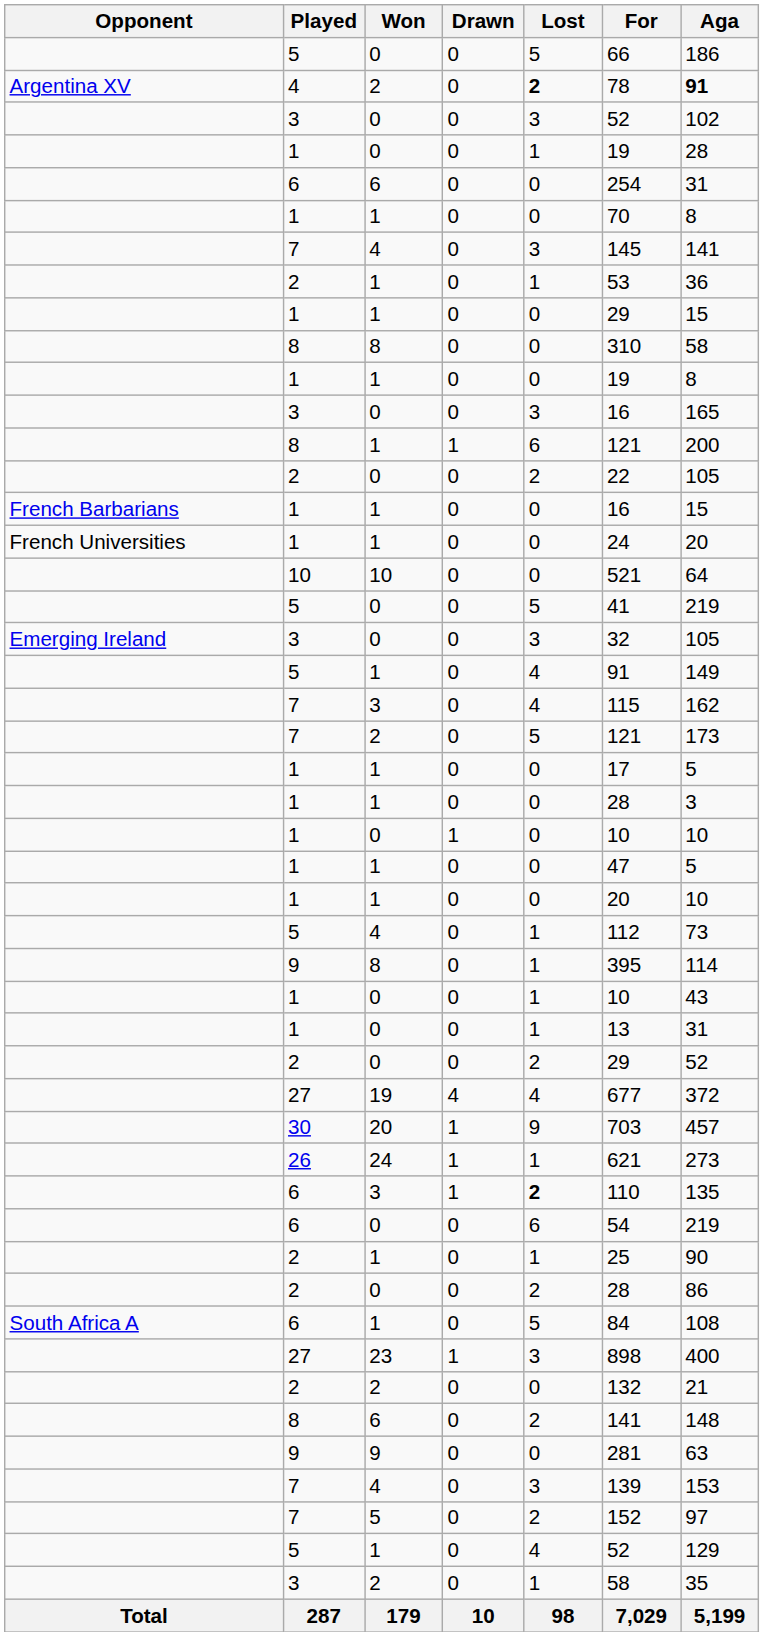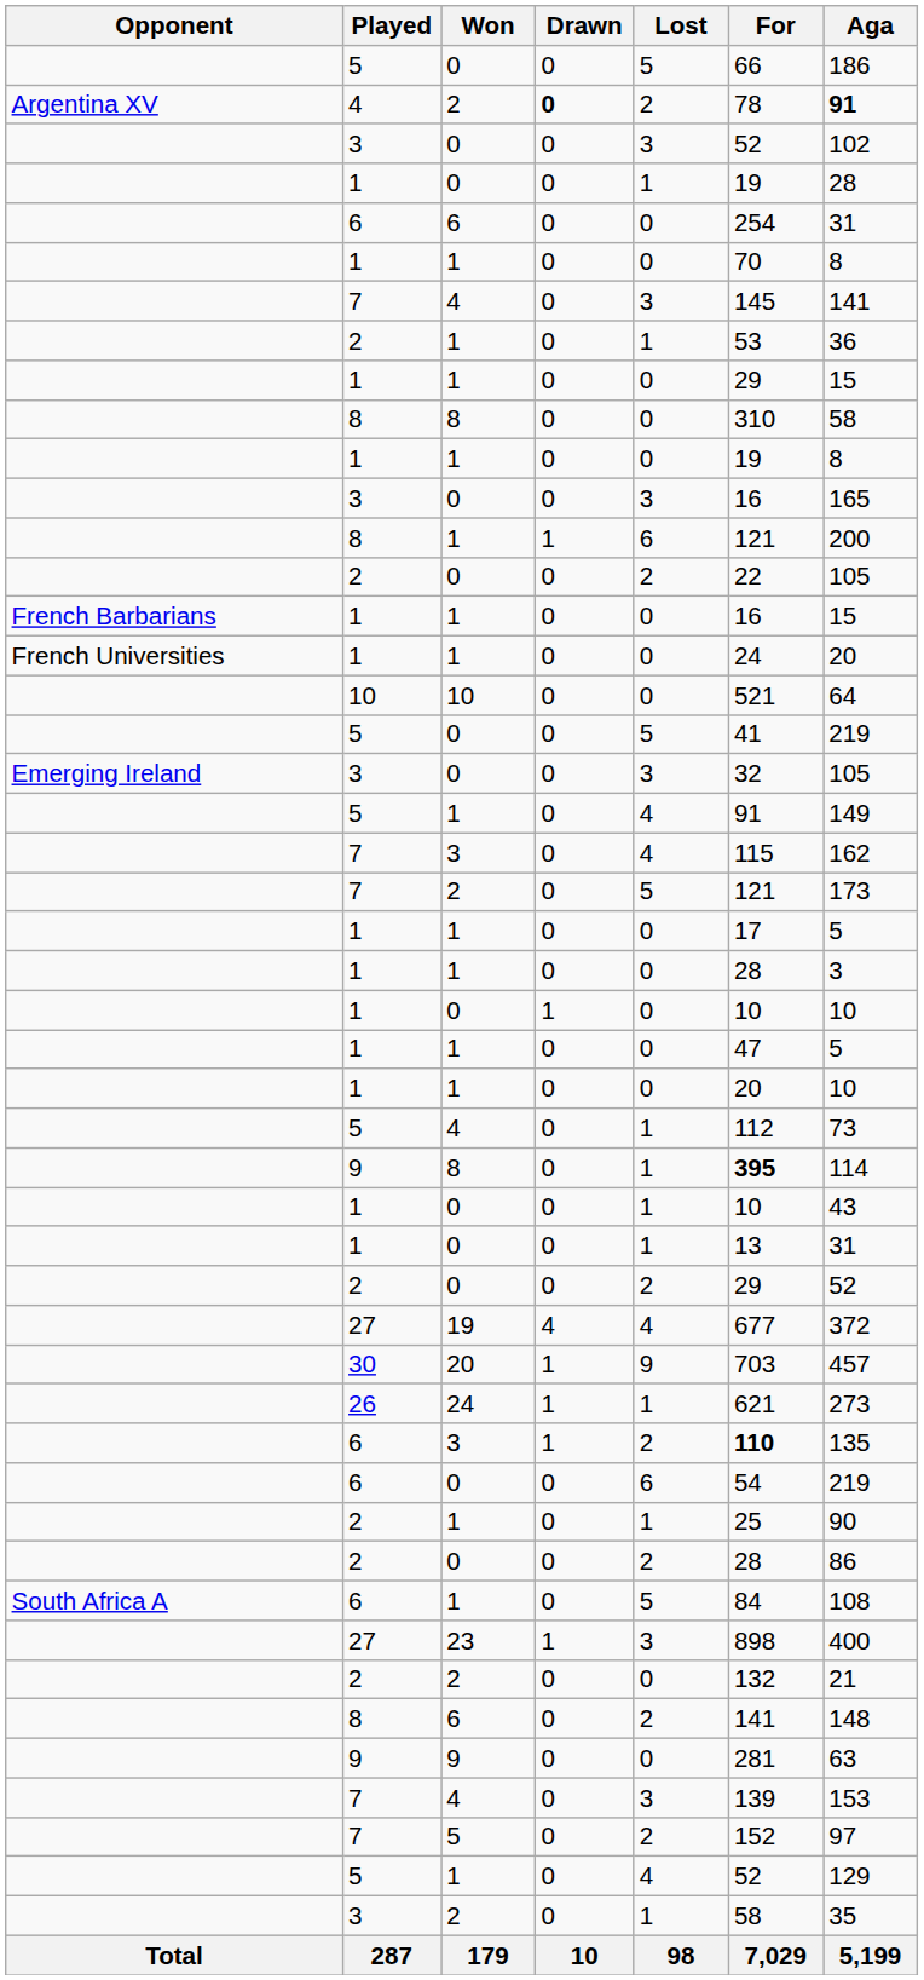 <table class="wikitable sortable" style="font-size:90%">
 <tr>
 <th style="width:188px;">Opponent</th>
 <th style="width:50px;">Played</th>
 <th style="width:48px;">Won</th>
 <th style="width:50px;">Drawn</th>
 <th style="width:48px;">Lost</th>
 <th style="width:48px;">For</th>
 <th style="width:48px;">Aga</th>
 </tr>
 <tr>
 <td></td>
 <td>5</td>
 <td>0</td>
 <td>0</td>
 <td>5</td>
 <td>66</td>
 <td>186</td>
 </tr>
 <tr>
 <td> <a href='#'>Argentina XV</a></td>
 <td>4</td>
 <td>2</td>
-<td>0</td>
-<td><strong>2</strong></td>
+<td><strong>0</strong></td>
+<td>2</td>
 <td>78</td>
 <td><strong>91</strong></td>
 </tr>
 <tr>
 <td></td>
 <td>3</td>
 <td>0</td>
 <td>0</td>
 <td>3</td>
 <td>52</td>
 <td>102</td>
 </tr>
 <tr>
 <td></td>
 <td>1</td>
 <td>0</td>
 <td>0</td>
 <td>1</td>
 <td>19</td>
 <td>28</td>
 </tr>
 <tr>
 <td></td>
 <td>6</td>
 <td>6</td>
 <td>0</td>
 <td>0</td>
 <td>254</td>
 <td>31</td>
 </tr>
 <tr>
 <td></td>
 <td>1</td>
 <td>1</td>
 <td>0</td>
 <td>0</td>
 <td>70</td>
 <td>8</td>
 </tr>
 <tr>
 <td></td>
 <td>7</td>
 <td>4</td>
 <td>0</td>
 <td>3</td>
 <td>145</td>
 <td>141</td>
 </tr>
 <tr>
 <td></td>
 <td>2</td>
 <td>1</td>
 <td>0</td>
 <td>1</td>
 <td>53</td>
 <td>36</td>
 </tr>
 <tr>
 <td></td>
 <td>1</td>
 <td>1</td>
 <td>0</td>
 <td>0</td>
 <td>29</td>
 <td>15</td>
 </tr>
 <tr>
 <td></td>
 <td>8</td>
 <td>8</td>
 <td>0</td>
 <td>0</td>
 <td>310</td>
 <td>58</td>
 </tr>
 <tr>
 <td></td>
 <td>1</td>
 <td>1</td>
 <td>0</td>
 <td>0</td>
 <td>19</td>
 <td>8</td>
 </tr>
 <tr>
 <td></td>
 <td>3</td>
 <td>0</td>
 <td>0</td>
 <td>3</td>
 <td>16</td>
 <td>165</td>
 </tr>
 <tr>
 <td></td>
 <td>8</td>
 <td>1</td>
 <td>1</td>
 <td>6</td>
 <td>121</td>
 <td>200</td>
 </tr>
 <tr>
 <td></td>
 <td>2</td>
 <td>0</td>
 <td>0</td>
 <td>2</td>
 <td>22</td>
 <td>105</td>
 </tr>
 <tr>
 <td> <a href='#'>French Barbarians</a></td>
 <td>1</td>
 <td>1</td>
 <td>0</td>
 <td>0</td>
 <td>16</td>
 <td>15</td>
 </tr>
 <tr>
 <td> French Universities</td>
 <td>1</td>
 <td>1</td>
 <td>0</td>
 <td>0</td>
 <td>24</td>
 <td>20</td>
 </tr>
 <tr>
 <td></td>
 <td>10</td>
 <td>10</td>
 <td>0</td>
 <td>0</td>
 <td>521</td>
 <td>64</td>
 </tr>
 <tr>
 <td></td>
 <td>5</td>
 <td>0</td>
 <td>0</td>
 <td>5</td>
 <td>41</td>
 <td>219</td>
 </tr>
 <tr>
 <td> <a href='#'>Emerging Ireland</a></td>
 <td>3</td>
 <td>0</td>
 <td>0</td>
 <td>3</td>
 <td>32</td>
 <td>105</td>
 </tr>
 <tr>
 <td></td>
 <td>5</td>
 <td>1</td>
 <td>0</td>
 <td>4</td>
 <td>91</td>
 <td>149</td>
 </tr>
 <tr>
 <td></td>
 <td>7</td>
 <td>3</td>
 <td>0</td>
 <td>4</td>
 <td>115</td>
 <td>162</td>
 </tr>
 <tr>
 <td></td>
 <td>7</td>
 <td>2</td>
 <td>0</td>
 <td>5</td>
 <td>121</td>
 <td>173</td>
 </tr>
 <tr>
 <td></td>
 <td>1</td>
 <td>1</td>
 <td>0</td>
 <td>0</td>
 <td>17</td>
 <td>5</td>
 </tr>
 <tr>
 <td></td>
 <td>1</td>
 <td>1</td>
 <td>0</td>
 <td>0</td>
 <td>28</td>
 <td>3</td>
 </tr>
 <tr>
 <td></td>
 <td>1</td>
 <td>0</td>
 <td>1</td>
 <td>0</td>
 <td>10</td>
 <td>10</td>
 </tr>
 <tr>
 <td></td>
 <td>1</td>
 <td>1</td>
 <td>0</td>
 <td>0</td>
 <td>47</td>
 <td>5</td>
 </tr>
 <tr>
 <td></td>
 <td>1</td>
 <td>1</td>
 <td>0</td>
 <td>0</td>
 <td>20</td>
 <td>10</td>
 </tr>
 <tr>
 <td></td>
 <td>5</td>
 <td>4</td>
 <td>0</td>
 <td>1</td>
 <td>112</td>
 <td>73</td>
 </tr>
 <tr>
 <td></td>
 <td>9</td>
 <td>8</td>
 <td>0</td>
 <td>1</td>
-<td>395</td>
+<td><strong>395</strong></td>
 <td>114</td>
 </tr>
 <tr>
 <td></td>
 <td>1</td>
 <td>0</td>
 <td>0</td>
 <td>1</td>
 <td>10</td>
 <td>43</td>
 </tr>
 <tr>
 <td></td>
 <td>1</td>
 <td>0</td>
 <td>0</td>
 <td>1</td>
 <td>13</td>
 <td>31</td>
 </tr>
 <tr>
 <td></td>
 <td>2</td>
 <td>0</td>
 <td>0</td>
 <td>2</td>
 <td>29</td>
 <td>52</td>
 </tr>
 <tr>
 <td></td>
 <td>27</td>
 <td>19</td>
 <td>4</td>
 <td>4</td>
 <td>677</td>
 <td>372</td>
 </tr>
 <tr>
 <td></td>
 <td><a href='#'>30</a></td>
 <td>20</td>
 <td>1</td>
 <td>9</td>
 <td>703</td>
 <td>457</td>
 </tr>
 <tr>
 <td></td>
 <td><a href='#'>26</a></td>
 <td>24</td>
 <td>1</td>
 <td>1</td>
 <td>621</td>
 <td>273</td>
 </tr>
 <tr>
 <td></td>
 <td>6</td>
 <td>3</td>
 <td>1</td>
-<td><strong>2</strong></td>
-<td>110</td>
+<td>2</td>
+<td><strong>110</strong></td>
 <td>135</td>
 </tr>
 <tr>
 <td></td>
 <td>6</td>
 <td>0</td>
 <td>0</td>
 <td>6</td>
 <td>54</td>
 <td>219</td>
 </tr>
 <tr>
 <td></td>
 <td>2</td>
 <td>1</td>
 <td>0</td>
 <td>1</td>
 <td>25</td>
 <td>90</td>
 </tr>
 <tr>
 <td></td>
 <td>2</td>
 <td>0</td>
 <td>0</td>
 <td>2</td>
 <td>28</td>
 <td>86</td>
 </tr>
 <tr>
 <td> <a href='#'>South Africa A</a></td>
 <td>6</td>
 <td>1</td>
 <td>0</td>
 <td>5</td>
 <td>84</td>
 <td>108</td>
 </tr>
 <tr>
 <td></td>
 <td>27</td>
 <td>23</td>
 <td>1</td>
 <td>3</td>
 <td>898</td>
 <td>400</td>
 </tr>
 <tr>
 <td></td>
 <td>2</td>
 <td>2</td>
 <td>0</td>
 <td>0</td>
 <td>132</td>
 <td>21</td>
 </tr>
 <tr>
 <td></td>
 <td>8</td>
 <td>6</td>
 <td>0</td>
 <td>2</td>
 <td>141</td>
 <td>148</td>
 </tr>
 <tr>
 <td></td>
 <td>9</td>
 <td>9</td>
 <td>0</td>
 <td>0</td>
 <td>281</td>
 <td>63</td>
 </tr>
 <tr>
 <td></td>
 <td>7</td>
 <td>4</td>
 <td>0</td>
 <td>3</td>
 <td>139</td>
 <td>153</td>
 </tr>
 <tr>
 <td></td>
 <td>7</td>
 <td>5</td>
 <td>0</td>
 <td>2</td>
 <td>152</td>
 <td>97</td>
 </tr>
 <tr>
 <td></td>
 <td>5</td>
 <td>1</td>
 <td>0</td>
 <td>4</td>
 <td>52</td>
 <td>129</td>
 </tr>
 <tr>
 <td></td>
 <td>3</td>
 <td>2</td>
 <td>0</td>
 <td>1</td>
 <td>58</td>
 <td>35</td>
 </tr>
 <tr class="sortbottom">
 <th>Total</th>
 <th>287</th>
 <th>179</th>
 <th>10</th>
 <th>98</th>
 <th>7,029</th>
 <th>5,199</th>
 </tr>
 </table>
